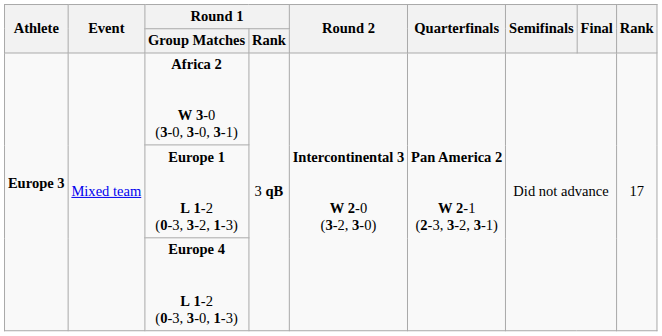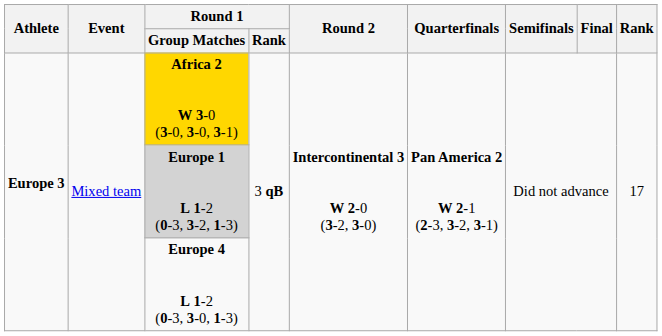 <table class="wikitable" border="1" style="font-size:90%">
 <tr>
 <th rowspan=2>Athlete</th>
 <th rowspan=2>Event</th>
 <th colspan=2>Round 1</th>
 <th rowspan=2>Round 2</th>
 <th rowspan=2>Quarterfinals</th>
 <th rowspan=2>Semifinals</th>
 <th rowspan=2>Final</th>
 <th rowspan=2>Rank</th>
 </tr>
 <tr>
 <th>Group Matches</th>
 <th>Rank</th>
 </tr>
 <tr>
 <td rowspan=3><strong>Europe 3</strong><br><br></td>
 <td rowspan=3><a href='#'>Mixed team</a></td>
-<td align=center><strong>Africa 2</strong><br><br><br> <strong>W</strong> <strong>3</strong>-0 <br> (<strong>3</strong>-0, <strong>3</strong>-0, <strong>3</strong>-1)</td>
+<td align=center style="background: gold;"><strong>Africa 2</strong><br><br><br> <strong>W</strong> <strong>3</strong>-0 <br> (<strong>3</strong>-0, <strong>3</strong>-0, <strong>3</strong>-1)</td>
 <td rowspan=3 align=center>3 <strong>qB</strong></td>
 <td align=center rowspan=3><strong>Intercontinental 3</strong><br><br><br> <strong>W</strong> <strong>2</strong>-0 <br> (<strong>3</strong>-2, <strong>3</strong>-0)</td>
 <td align=center rowspan=3><strong>Pan America 2</strong><br><br><br> <strong>W</strong> <strong>2</strong>-1 <br> (<strong>2</strong>-3, <strong>3</strong>-2, <strong>3</strong>-1)</td>
 <td rowspan=3 colspan=2 align=center>Did not advance</td>
 <td rowspan=3 align=center>17</td>
 </tr>
 <tr>
-<td align=center><strong>Europe 1</strong><br><br><br> <strong>L</strong> <strong>1</strong>-2 <br> (<strong>0</strong>-3, <strong>3</strong>-2, <strong>1</strong>-3)</td>
+<td align=center style="background: lightgrey;"><strong>Europe 1</strong><br><br><br> <strong>L</strong> <strong>1</strong>-2 <br> (<strong>0</strong>-3, <strong>3</strong>-2, <strong>1</strong>-3)</td>
 </tr>
 <tr>
 <td align=center><strong>Europe 4</strong><br><br><br> <strong>L</strong> <strong>1</strong>-2 <br> (<strong>0</strong>-3, <strong>3</strong>-0, <strong>1</strong>-3)</td>
 </tr>
 </table>
